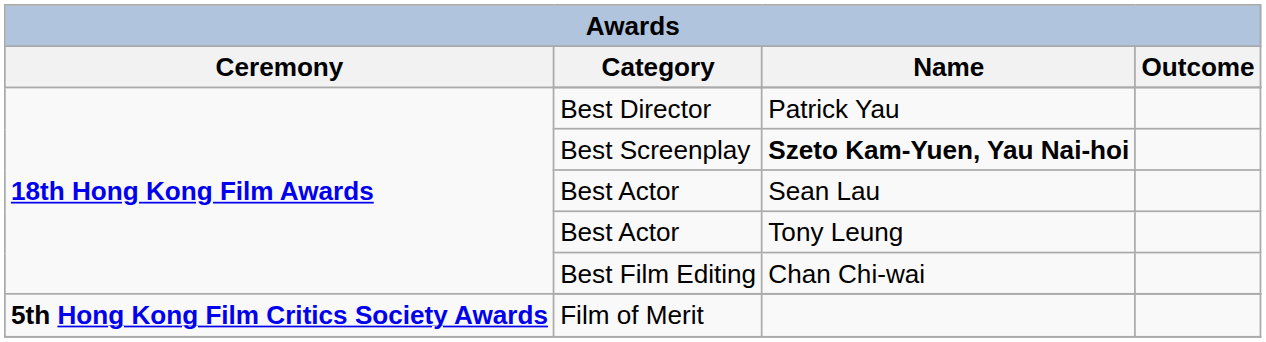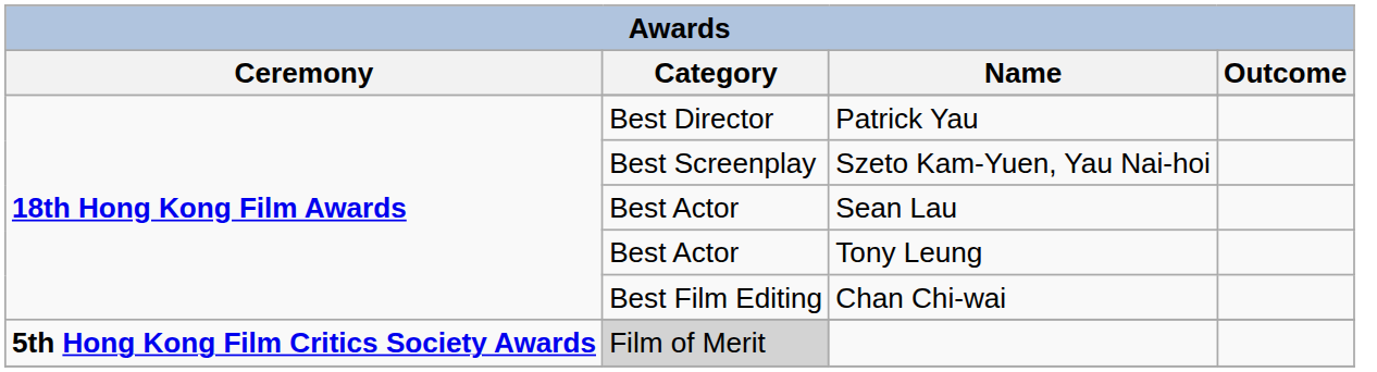 <table class="wikitable" style="font-size:95%;" ;>
 <tr style="background:#ccc; text-align:center;">
 <th colspan="5" style="background: LightSteelBlue;">Awards</th>
 </tr>
 <tr style="background:#ccc; text-align:center;">
 <th>Ceremony</th>
 <th>Category</th>
 <th>Name</th>
 <th>Outcome</th>
 </tr>
 <tr>
 <td rowspan=6><strong><a href='#'>18th Hong Kong Film Awards</a></strong></td>
 </tr>
 <tr>
 <td>Best Director</td>
 <td>Patrick Yau</td>
 <td></td>
 </tr>
 <tr>
 <td>Best Screenplay</td>
-<td><strong>Szeto Kam-Yuen, Yau Nai-hoi</strong></td>
+<td>Szeto Kam-Yuen, Yau Nai-hoi</td>
 <td></td>
 </tr>
 <tr>
 <td>Best Actor</td>
 <td>Sean Lau</td>
 <td></td>
 </tr>
 <tr>
 <td>Best Actor</td>
 <td>Tony Leung</td>
 <td></td>
 </tr>
 <tr>
 <td>Best Film Editing</td>
 <td>Chan Chi-wai</td>
 <td></td>
 </tr>
 <tr>
 <td rowspan=2><strong>5th <a href='#'>Hong Kong Film Critics Society Awards</a></strong></td>
 </tr>
 <tr>
-<td>Film of Merit</td>
+<td style="background: lightgrey;">Film of Merit</td>
 <td></td>
 <td></td>
 </tr>
 <tr>
 </tr>
 </table>
